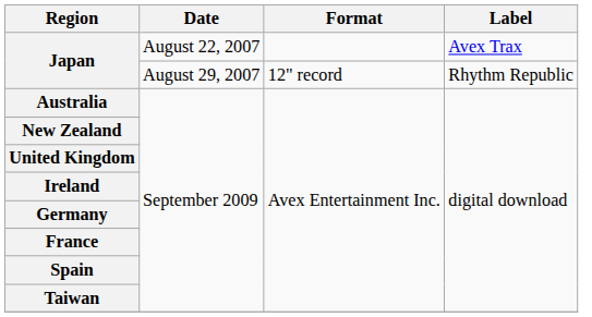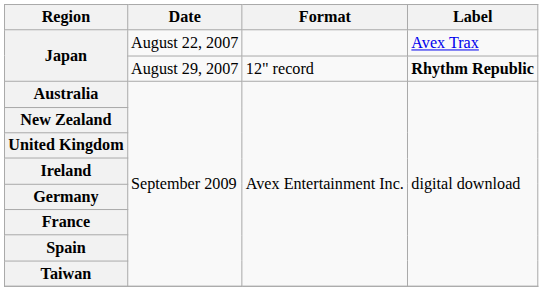 <table class="wikitable plainrowheaders">
 <tr>
 <th scope="col">Region</th>
 <th scope="col">Date</th>
 <th scope="col">Format</th>
 <th scope="col">Label</th>
 </tr>
 <tr>
 <th scope="row" rowspan="2">Japan</th>
 <td>August 22, 2007</td>
 <td></td>
 <td><a href='#'>Avex Trax</a></td>
 </tr>
 <tr>
 <td>August 29, 2007</td>
 <td>12" record</td>
-<td>Rhythm Republic</td>
+<td><strong>Rhythm Republic</strong></td>
 </tr>
 <tr>
 <th scope="row">Australia</th>
 <td rowspan="8">September 2009</td>
 <td rowspan="8">Avex Entertainment Inc.</td>
 <td rowspan="8">digital download</td>
 </tr>
 <tr>
 <th scope="row">New Zealand</th>
 </tr>
 <tr>
 <th scope="row">United Kingdom</th>
 </tr>
 <tr>
 <th scope="row">Ireland</th>
 </tr>
 <tr>
 <th scope="row">Germany</th>
 </tr>
 <tr>
 <th scope="row">France</th>
 </tr>
 <tr>
 <th scope="row">Spain</th>
 </tr>
 <tr>
 <th scope="row">Taiwan</th>
 </tr>
 <tr>
 </tr>
 </table>
